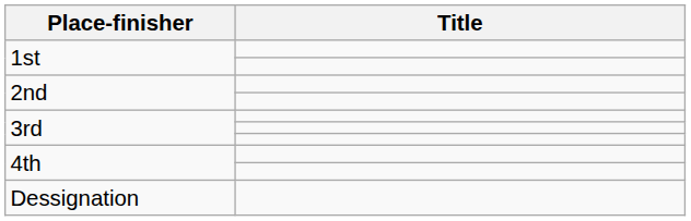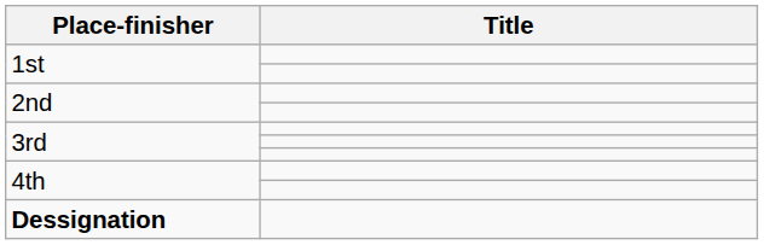 <table class="wikitable sortable" style="font-size: 95%;">
 <tr>
 <th width="150">Place-finisher</th>
 <th width="300">Title</th>
 </tr>
 <tr>
 <td rowspan="2">1st</td>
 <td></td>
 </tr>
 <tr>
 <td></td>
 </tr>
 <tr>
 <td rowspan="2">2nd</td>
 <td></td>
 </tr>
 <tr>
 <td></td>
 </tr>
 <tr>
 <td rowspan="3">3rd</td>
 <td></td>
 </tr>
 <tr>
 <td></td>
 </tr>
 <tr>
 <td></td>
 </tr>
 <tr>
 <td rowspan="2">4th</td>
 <td></td>
 </tr>
 <tr>
 <td></td>
 </tr>
 <tr>
-<td>Dessignation</td>
+<td><strong>Dessignation</strong></td>
 <td></td>
 </tr>
 </table>
